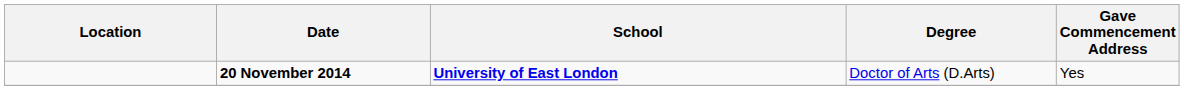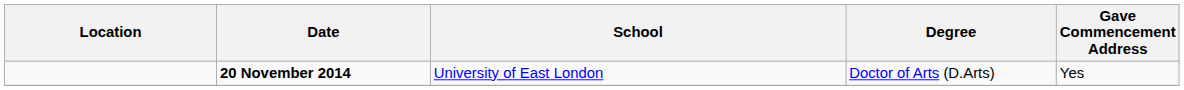 <table class="wikitable" style="width:100%">
 <tr>
 <th style="width:20%;">Location</th>
 <th style="width:20%;">Date</th>
 <th style="width:40%;">School</th>
 <th style="width:20%;">Degree</th>
 <th style="width:20%;">Gave Commencement Address</th>
 </tr>
 <tr>
 <td></td>
 <td><strong>20 November 2014</strong></td>
-<td><strong><a href='#'>University of East London</a></strong></td>
+<td><a href='#'>University of East London</a></td>
 <td><a href='#'>Doctor of Arts</a> (D.Arts)</td>
 <td>Yes</td>
 </tr>
 <tr>
 </tr>
 </table>
